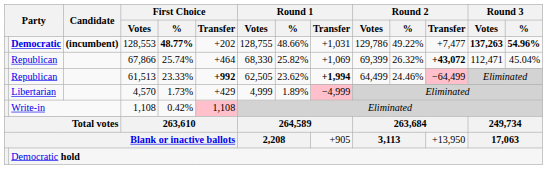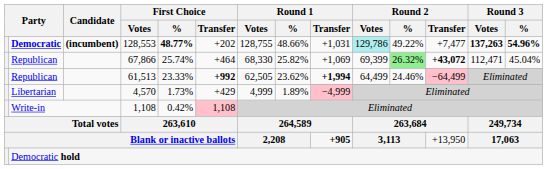 <table class="wikitable sortable" style="text-align:right">
 <tr>
 <th colspan=2 rowspan=2>Party</th>
 <th rowspan=2>Candidate</th>
 <th colspan=3>First Choice</th>
 <th colspan=3>Round 1</th>
 <th colspan=3>Round 2</th>
 <th colspan=2>Round 3</th>
 </tr>
 <tr>
 <th>Votes</th>
 <th>%</th>
 <th>Transfer</th>
 <th>Votes</th>
 <th>%</th>
 <th>Transfer</th>
 <th>Votes</th>
 <th>%</th>
 <th>Transfer</th>
 <th>Votes</th>
 <th>%</th>
 </tr>
 <tr>
 <th style="background-color:"></th>
 <td style="text-align:left"><strong><a href='#'>Democratic</a></strong></td>
 <td style="text-align:left" scope="row"><strong> (incumbent)</strong></td>
 <td>128,553</td>
 <td><strong>48.77%</strong></td>
 <td>+202</td>
 <td>128,755</td>
 <td>48.66%</td>
 <td>+1,031</td>
-<td>129,786</td>
+<td style="background: paleturquoise;">129,786</td>
 <td>49.22%</td>
 <td>+7,477</td>
 <td><strong>137,263</strong></td>
 <td><strong>54.96%</strong></td>
 </tr>
 <tr>
 <th style="background-color:"></th>
 <td style="text-align:left"><a href='#'>Republican</a></td>
 <td style="text-align:left" scope="row"></td>
 <td>67,866</td>
 <td>25.74%</td>
 <td>+464</td>
 <td>68,330</td>
 <td>25.82%</td>
 <td>+1,069</td>
 <td>69,399</td>
-<td>26.32%</td>
+<td style="background: lightgreen;">26.32%</td>
 <td><strong>+43,072</strong></td>
 <td>112,471</td>
 <td>45.04%</td>
 </tr>
 <tr>
 <th style="background-color:"></th>
 <td style="text-align:left"><a href='#'>Republican</a></td>
 <td style="text-align:left" scope="row"></td>
 <td>61,513</td>
 <td>23.33%</td>
 <td><strong>+992</strong></td>
 <td>62,505</td>
 <td>23.62%</td>
 <td><strong>+1,994</strong></td>
 <td>64,499</td>
 <td>24.46%</td>
 <td style="background:pink;">−64,499</td>
 <td colspan="2"  style="background:lightgrey; text-align:center;"><em>Eliminated</em></td>
 </tr>
 <tr>
 <th style="background-color:"></th>
 <td style="text-align:left"><a href='#'>Libertarian</a></td>
 <td style="text-align:left" scope="row"></td>
 <td>4,570</td>
 <td>1.73%</td>
 <td>+429</td>
 <td>4,999</td>
 <td>1.89%</td>
 <td style="background:pink;">−4,999</td>
 <td colspan="5" style="background:lightgrey; text-align:center;"><em>Eliminated</em></td>
 </tr>
 <tr>
 <th style="background-color:"></th>
 <td style="text-align:left" colspan=2><a href='#'>Write-in</a></td>
 <td>1,108</td>
 <td>0.42%</td>
 <td style="background:pink;">1,108</td>
 <td colspan="8" style="background:lightgrey; text-align:center;"><em>Eliminated</em></td>
 </tr>
 <tr class="sortbottom" style="background-color:#F6F6F6">
 <th colspan=3 scope="row" style="text-align:right;"><strong>Total votes</strong></th>
 <th colspan=3><strong>263,610</strong></th>
 <th colspan=3><strong>264,589</strong></th>
 <th colspan=3><strong>263,684</strong></th>
 <th colspan=2><strong>249,734</strong></th>
 </tr>
 <tr class="sortbottom" style="background-color:#F6F6F6">
 <th colspan=6 scope="row" style="text-align:right;"><a href='#'>Blank or inactive ballots</a></th>
 <th colspan=2>2,208</th>
-<td>+905</td>
+<td><strong>+905</strong></td>
 <th colspan=2>3,113</th>
 <td>+13,950</td>
 <th colspan=2>17,063</th>
 </tr>
 <tr class="sortbottom" style="background:#f6f6f6;">
 <th style="background-color:"></th>
 <td colspan="13" style="text-align:left"><a href='#'>Democratic</a> <strong>hold</strong></td>
 </tr>
 </table>
